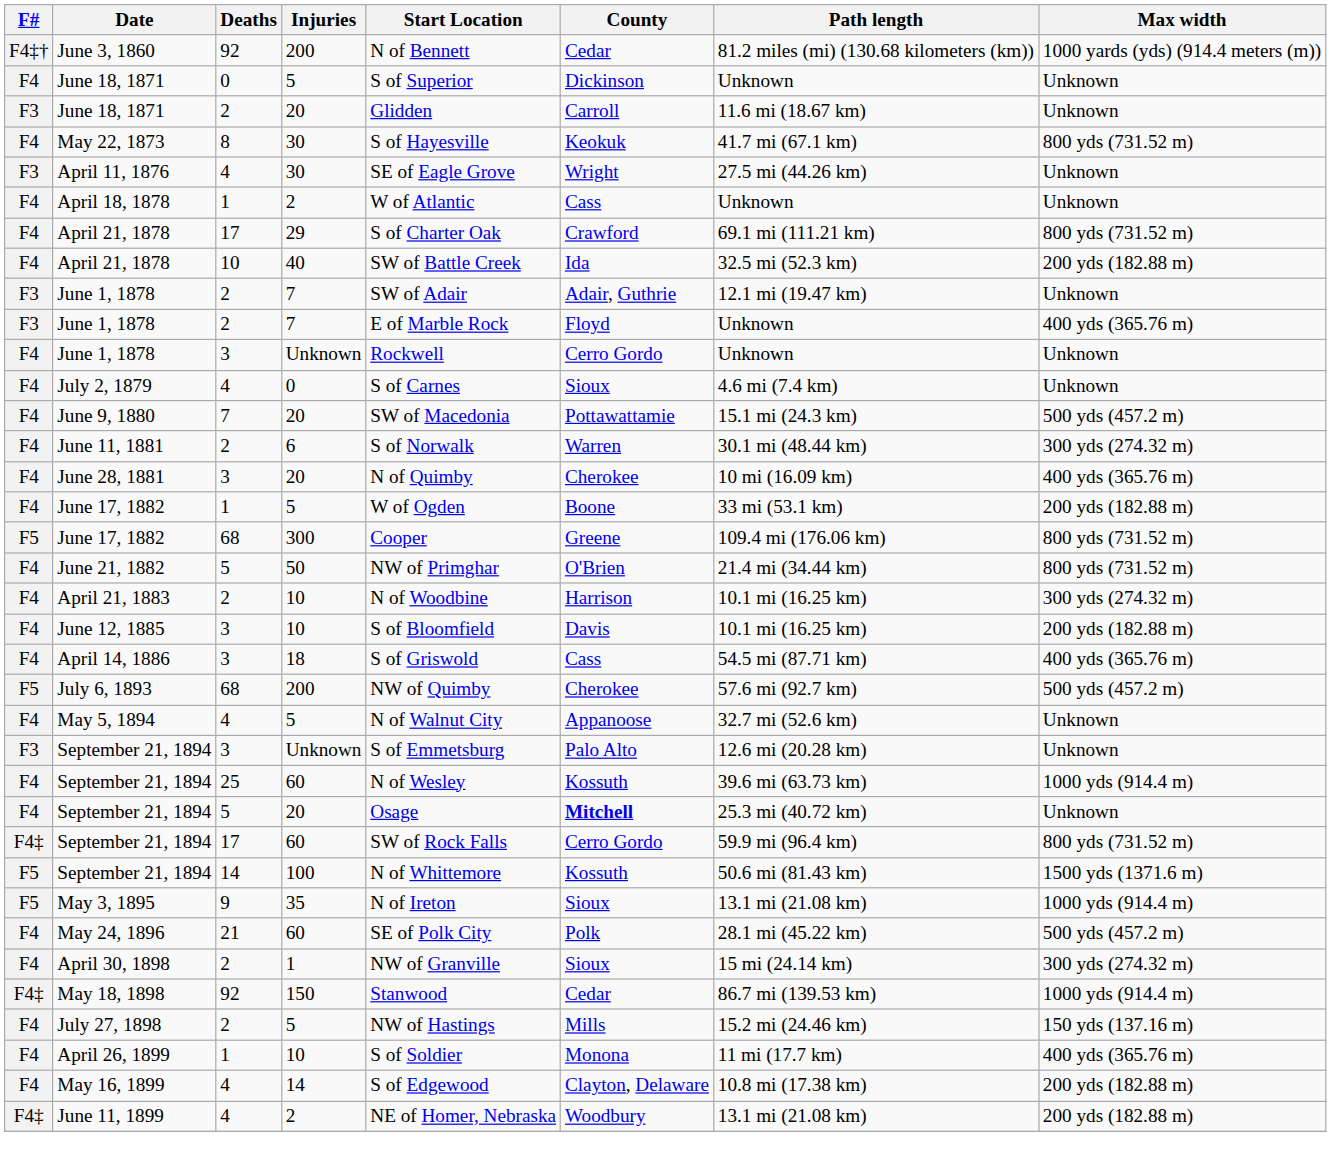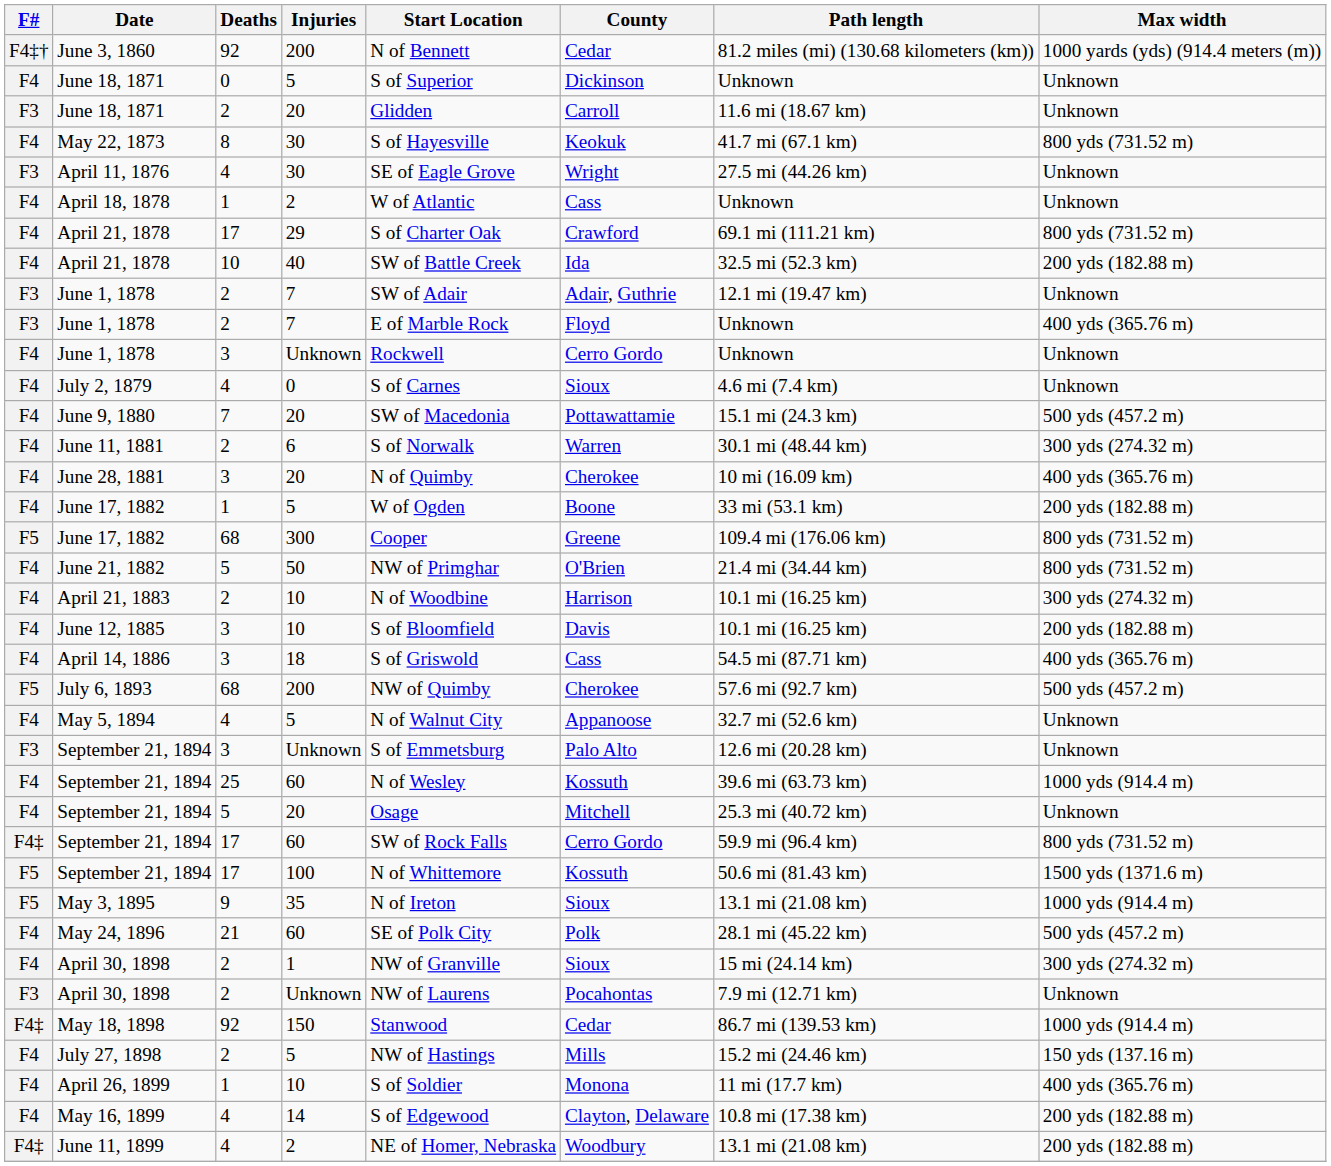 <table class="wikitable sortable">
 <tr>
 <th scope="col"><a href='#'>F#</a></th>
 <th scope="col">Date</th>
 <th scope="col">Deaths</th>
 <th scope="col">Injuries</th>
 <th scope="col">Start Location</th>
 <th scope="col">County</th>
 <th scope="col">Path length</th>
 <th scope="col">Max width</th>
 </tr>
 <tr>
 <th scope="row" rowspan="1" style="font-weight:normal; background-color:#">F4‡†</th>
 <td>June 3, 1860</td>
 <td>92</td>
 <td>200</td>
 <td>N of <a href='#'>Bennett</a></td>
 <td><a href='#'>Cedar</a></td>
 <td>81.2 miles (mi) (130.68 kilometers (km))</td>
 <td>1000 yards (yds) (914.4 meters (m))</td>
 </tr>
 <tr>
 <th scope="row" rowspan="1" style="font-weight:normal; background-color:#">F4</th>
 <td>June 18, 1871</td>
 <td>0</td>
 <td>5</td>
 <td>S of <a href='#'>Superior</a></td>
 <td><a href='#'>Dickinson</a></td>
 <td>Unknown</td>
 <td>Unknown</td>
 </tr>
 <tr>
 <th scope="row" rowspan="1" style="font-weight:normal; background-color:#">F3</th>
 <td>June 18, 1871</td>
 <td>2</td>
 <td>20</td>
 <td><a href='#'>Glidden</a></td>
 <td><a href='#'>Carroll</a></td>
 <td>11.6 mi (18.67 km)</td>
 <td>Unknown</td>
 </tr>
 <tr>
 <th scope="row" rowspan="1" style="font-weight:normal; background-color:#">F4</th>
 <td>May 22, 1873</td>
 <td>8</td>
 <td>30</td>
 <td>S of <a href='#'>Hayesville</a></td>
 <td><a href='#'>Keokuk</a></td>
 <td>41.7 mi (67.1 km)</td>
 <td>800 yds (731.52 m)</td>
 </tr>
 <tr>
 <th scope="row" rowspan="1" style="font-weight:normal; background-color:#">F3</th>
 <td>April 11, 1876</td>
 <td>4</td>
 <td>30</td>
 <td>SE of <a href='#'>Eagle Grove</a></td>
 <td><a href='#'>Wright</a></td>
 <td>27.5 mi (44.26 km)</td>
 <td>Unknown</td>
 </tr>
 <tr>
 <th scope="row" rowspan="1" style="font-weight:normal; background-color:#">F4</th>
 <td>April 18, 1878</td>
 <td>1</td>
 <td>2</td>
 <td>W of <a href='#'>Atlantic</a></td>
 <td><a href='#'>Cass</a></td>
 <td>Unknown</td>
 <td>Unknown</td>
 </tr>
 <tr>
 <th scope="row" rowspan="1" style="font-weight:normal; background-color:#">F4</th>
 <td>April 21, 1878</td>
 <td>17</td>
 <td>29</td>
 <td>S of <a href='#'>Charter Oak</a></td>
 <td><a href='#'>Crawford</a></td>
 <td>69.1 mi (111.21 km)</td>
 <td>800 yds (731.52 m)</td>
 </tr>
 <tr>
 <th scope="row" rowspan="1" style="font-weight:normal; background-color:#">F4</th>
 <td>April 21, 1878</td>
 <td>10</td>
 <td>40</td>
 <td>SW of <a href='#'>Battle Creek</a></td>
 <td><a href='#'>Ida</a></td>
 <td>32.5 mi (52.3 km)</td>
 <td>200 yds (182.88 m)</td>
 </tr>
 <tr>
 <th scope="row" rowspan="1" style="font-weight:normal; background-color:#">F3</th>
 <td>June 1, 1878</td>
 <td>2</td>
 <td>7</td>
 <td>SW of <a href='#'>Adair</a></td>
 <td><a href='#'>Adair</a>, <a href='#'>Guthrie</a></td>
 <td>12.1 mi (19.47 km)</td>
 <td>Unknown</td>
 </tr>
 <tr>
 <th scope="row" rowspan="1" style="font-weight:normal; background-color:#">F3</th>
 <td>June 1, 1878</td>
 <td>2</td>
 <td>7</td>
 <td>E of <a href='#'>Marble Rock</a></td>
 <td><a href='#'>Floyd</a></td>
 <td>Unknown</td>
 <td>400 yds (365.76 m)</td>
 </tr>
 <tr>
 <th scope="row" rowspan="1" style="font-weight:normal; background-color:#">F4</th>
 <td>June 1, 1878</td>
 <td>3</td>
 <td>Unknown</td>
 <td><a href='#'>Rockwell</a></td>
 <td><a href='#'>Cerro Gordo</a></td>
 <td>Unknown</td>
 <td>Unknown</td>
 </tr>
 <tr>
 <th scope="row" rowspan="1" style="font-weight:normal; background-color:#">F4</th>
 <td>July 2, 1879</td>
 <td>4</td>
 <td>0</td>
 <td>S of <a href='#'>Carnes</a></td>
 <td><a href='#'>Sioux</a></td>
 <td>4.6 mi (7.4 km)</td>
 <td>Unknown</td>
 </tr>
 <tr>
 <th scope="row" rowspan="1" style="font-weight:normal; background-color:#">F4</th>
 <td>June 9, 1880</td>
 <td>7</td>
 <td>20</td>
 <td>SW of <a href='#'>Macedonia</a></td>
 <td><a href='#'>Pottawattamie</a></td>
 <td>15.1 mi (24.3 km)</td>
 <td>500 yds (457.2 m)</td>
 </tr>
 <tr>
 <th scope="row" rowspan="1" style="font-weight:normal; background-color:#">F4</th>
 <td>June 11, 1881</td>
 <td>2</td>
 <td>6</td>
 <td>S of <a href='#'>Norwalk</a></td>
 <td><a href='#'>Warren</a></td>
 <td>30.1 mi (48.44 km)</td>
 <td>300 yds (274.32 m)</td>
 </tr>
 <tr>
 <th scope="row" rowspan="1" style="font-weight:normal; background-color:#">F4</th>
 <td>June 28, 1881</td>
 <td>3</td>
 <td>20</td>
 <td>N of <a href='#'>Quimby</a></td>
 <td><a href='#'>Cherokee</a></td>
 <td>10 mi (16.09 km)</td>
 <td>400 yds (365.76 m)</td>
 </tr>
 <tr>
 <th scope="row" rowspan="1" style="font-weight:normal; background-color:#">F4</th>
 <td>June 17, 1882</td>
 <td>1</td>
 <td>5</td>
 <td>W of <a href='#'>Ogden</a></td>
 <td><a href='#'>Boone</a></td>
 <td>33 mi (53.1 km)</td>
 <td>200 yds (182.88 m)</td>
 </tr>
 <tr>
 <th scope="row" rowspan="1" style="font-weight:normal; background-color:#">F5</th>
 <td>June 17, 1882</td>
 <td>68</td>
 <td>300</td>
 <td><a href='#'>Cooper</a></td>
 <td><a href='#'>Greene</a></td>
 <td>109.4 mi (176.06 km)</td>
 <td>800 yds (731.52 m)</td>
 </tr>
 <tr>
 <th scope="row" rowspan="1" style="font-weight:normal; background-color:#">F4</th>
 <td>June 21, 1882</td>
 <td>5</td>
 <td>50</td>
 <td>NW of <a href='#'>Primghar</a></td>
 <td><a href='#'>O'Brien</a></td>
 <td>21.4 mi (34.44 km)</td>
 <td>800 yds (731.52 m)</td>
 </tr>
 <tr>
 <th scope="row" rowspan="1" style="font-weight:normal; background-color:#">F4</th>
 <td>April 21, 1883</td>
 <td>2</td>
 <td>10</td>
 <td>N of <a href='#'>Woodbine</a></td>
 <td><a href='#'>Harrison</a></td>
 <td>10.1 mi (16.25 km)</td>
 <td>300 yds (274.32 m)</td>
 </tr>
 <tr>
 <th scope="row" rowspan="1" style="font-weight:normal; background-color:#">F4</th>
 <td>June 12, 1885</td>
 <td>3</td>
 <td>10</td>
 <td>S of <a href='#'>Bloomfield</a></td>
 <td><a href='#'>Davis</a></td>
 <td>10.1 mi (16.25 km)</td>
 <td>200 yds (182.88 m)</td>
 </tr>
 <tr>
 <th scope="row" rowspan="1" style="font-weight:normal; background-color:#">F4</th>
 <td>April 14, 1886</td>
 <td>3</td>
 <td>18</td>
 <td>S of <a href='#'>Griswold</a></td>
 <td><a href='#'>Cass</a></td>
 <td>54.5 mi (87.71 km)</td>
 <td>400 yds (365.76 m)</td>
 </tr>
 <tr>
 <th scope="row" rowspan="1" style="font-weight:normal; background-color:#">F5</th>
 <td>July 6, 1893</td>
 <td>68</td>
 <td>200</td>
 <td>NW of <a href='#'>Quimby</a></td>
 <td><a href='#'>Cherokee</a></td>
 <td>57.6 mi (92.7 km)</td>
 <td>500 yds (457.2 m)</td>
 </tr>
 <tr>
 <th scope="row" rowspan="1" style="font-weight:normal; background-color:#">F4</th>
 <td>May 5, 1894</td>
 <td>4</td>
 <td>5</td>
 <td>N of <a href='#'>Walnut City</a></td>
 <td><a href='#'>Appanoose</a></td>
 <td>32.7 mi (52.6 km)</td>
 <td>Unknown</td>
 </tr>
 <tr>
 <th scope="row" rowspan="1" style="font-weight:normal; background-color:#">F3</th>
 <td>September 21, 1894</td>
 <td>3</td>
 <td>Unknown</td>
 <td>S of <a href='#'>Emmetsburg</a></td>
 <td><a href='#'>Palo Alto</a></td>
 <td>12.6 mi (20.28 km)</td>
 <td>Unknown</td>
 </tr>
 <tr>
 <th scope="row" rowspan="1" style="font-weight:normal; background-color:#">F4</th>
 <td>September 21, 1894</td>
 <td>25</td>
 <td>60</td>
 <td>N of <a href='#'>Wesley</a></td>
 <td><a href='#'>Kossuth</a></td>
 <td>39.6 mi (63.73 km)</td>
 <td>1000 yds (914.4 m)</td>
 </tr>
 <tr>
 <th scope="row" rowspan="1" style="font-weight:normal; background-color:#">F4</th>
 <td>September 21, 1894</td>
 <td>5</td>
 <td>20</td>
 <td><a href='#'>Osage</a></td>
-<td><strong><a href='#'>Mitchell</a></strong></td>
+<td><a href='#'>Mitchell</a></td>
 <td>25.3 mi (40.72 km)</td>
 <td>Unknown</td>
 </tr>
 <tr>
 <th scope="row" rowspan="1" style="font-weight:normal; background-color:#">F4‡</th>
 <td>September 21, 1894</td>
 <td>17</td>
 <td>60</td>
 <td>SW of <a href='#'>Rock Falls</a></td>
 <td><a href='#'>Cerro Gordo</a></td>
 <td>59.9 mi (96.4 km)</td>
 <td>800 yds (731.52 m)</td>
 </tr>
 <tr>
 <th scope="row" rowspan="1" style="font-weight:normal; background-color:#">F5</th>
 <td>September 21, 1894</td>
-<td>14</td>
+<td>17</td>
 <td>100</td>
 <td>N of <a href='#'>Whittemore</a></td>
 <td><a href='#'>Kossuth</a></td>
 <td>50.6 mi (81.43 km)</td>
 <td>1500 yds (1371.6 m)</td>
 </tr>
 <tr>
 <th scope="row" rowspan="1" style="font-weight:normal; background-color:#">F5</th>
 <td>May 3, 1895</td>
 <td>9</td>
 <td>35</td>
 <td>N of <a href='#'>Ireton</a></td>
 <td><a href='#'>Sioux</a></td>
 <td>13.1 mi (21.08 km)</td>
 <td>1000 yds (914.4 m)</td>
 </tr>
 <tr>
 <th scope="row" rowspan="1" style="font-weight:normal; background-color:#">F4</th>
 <td>May 24, 1896</td>
 <td>21</td>
 <td>60</td>
 <td>SE of <a href='#'>Polk City</a></td>
 <td><a href='#'>Polk</a></td>
 <td>28.1 mi (45.22 km)</td>
 <td>500 yds (457.2 m)</td>
 </tr>
 <tr>
 <th scope="row" rowspan="1" style="font-weight:normal; background-color:#">F4</th>
 <td>April 30, 1898</td>
 <td>2</td>
 <td>1</td>
 <td>NW of <a href='#'>Granville</a></td>
 <td><a href='#'>Sioux</a></td>
 <td>15 mi (24.14 km)</td>
 <td>300 yds (274.32 m)</td>
+</tr>
+<tr>
+<th scope="row" rowspan="1" style="font-weight:normal; background-color:#">F3</th>
+<td>April 30, 1898</td>
+<td>2</td>
+<td>Unknown</td>
+<td>NW of <a href='#'>Laurens</a></td>
+<td><a href='#'>Pocahontas</a></td>
+<td>7.9 mi (12.71 km)</td>
+<td>Unknown</td>
 </tr>
 <tr>
 <th scope="row" rowspan="1" style="font-weight:normal; background-color:#">F4‡</th>
 <td>May 18, 1898</td>
 <td>92</td>
 <td>150</td>
 <td><a href='#'>Stanwood</a></td>
 <td><a href='#'>Cedar</a></td>
 <td>86.7 mi (139.53 km)</td>
 <td>1000 yds (914.4 m)</td>
 </tr>
 <tr>
 <th scope="row" rowspan="1" style="font-weight:normal; background-color:#">F4</th>
 <td>July 27, 1898</td>
 <td>2</td>
 <td>5</td>
 <td>NW of <a href='#'>Hastings</a></td>
 <td><a href='#'>Mills</a></td>
 <td>15.2 mi (24.46 km)</td>
 <td>150 yds (137.16 m)</td>
 </tr>
 <tr>
 <th scope="row" rowspan="1" style="font-weight:normal; background-color:#">F4</th>
 <td>April 26, 1899</td>
 <td>1</td>
 <td>10</td>
 <td>S of <a href='#'>Soldier</a></td>
 <td><a href='#'>Monona</a></td>
 <td>11 mi (17.7 km)</td>
 <td>400 yds (365.76 m)</td>
 </tr>
 <tr>
 <th scope="row" rowspan="1" style="font-weight:normal; background-color:#">F4</th>
 <td>May 16, 1899</td>
 <td>4</td>
 <td>14</td>
 <td>S of <a href='#'>Edgewood</a></td>
 <td><a href='#'>Clayton</a>, <a href='#'>Delaware</a></td>
 <td>10.8 mi (17.38 km)</td>
 <td>200 yds (182.88 m)</td>
 </tr>
 <tr>
 <th scope="row" rowspan="1" style="font-weight:normal; background-color:#">F4‡</th>
 <td>June 11, 1899</td>
 <td>4</td>
 <td>2</td>
 <td>NE of <a href='#'>Homer, Nebraska</a></td>
 <td><a href='#'>Woodbury</a></td>
 <td>13.1 mi (21.08 km)</td>
 <td>200 yds (182.88 m)</td>
 </tr>
 <tr>
 </tr>
 </table>
